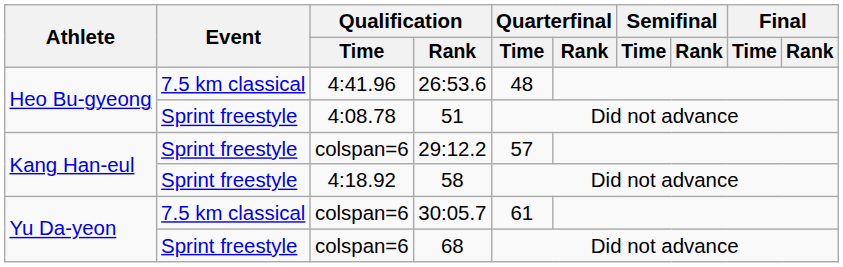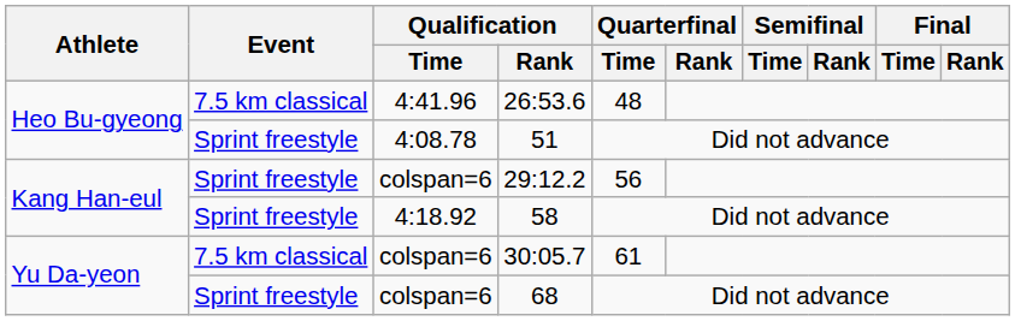 <table class="wikitable" style="font-size:90%">
 <tr>
 <th rowspan="2">Athlete</th>
 <th rowspan="2">Event</th>
 <th colspan="2">Qualification</th>
 <th colspan="2">Quarterfinal</th>
 <th colspan="2">Semifinal</th>
 <th colspan="2">Final</th>
 </tr>
 <tr style="font-size:95%">
 <th>Time</th>
 <th>Rank</th>
 <th>Time</th>
 <th>Rank</th>
 <th>Time</th>
 <th>Rank</th>
 <th>Time</th>
 <th>Rank</th>
 </tr>
 <tr align=center>
 <td align=left rowspan=2><a href='#'>Heo Bu-gyeong</a></td>
 <td align=left><a href='#'>7.5 km classical</a></td>
 <td>4:41.96</td>
 <td>26:53.6</td>
 <td>48</td>
 </tr>
 <tr align=center>
 <td align=left><a href='#'>Sprint freestyle</a></td>
 <td>4:08.78</td>
 <td>51</td>
 <td colspan=6>Did not advance</td>
 </tr>
 <tr align=center>
 <td align=left rowspan=2><a href='#'>Kang Han-eul</a></td>
 <td align=left><a href='#'>Sprint freestyle</a></td>
 <td>colspan=6</td>
 <td>29:12.2</td>
-<td>57</td>
+<td>56</td>
 </tr>
 <tr align=center>
 <td align=left><a href='#'>Sprint freestyle</a></td>
 <td>4:18.92</td>
 <td>58</td>
 <td colspan=6>Did not advance</td>
 </tr>
 <tr align=center>
 <td align=left rowspan=2><a href='#'>Yu Da-yeon</a></td>
 <td align=left><a href='#'>7.5 km classical</a></td>
 <td>colspan=6</td>
 <td>30:05.7</td>
 <td>61</td>
 </tr>
 <tr align=center>
 <td align=left><a href='#'>Sprint freestyle</a></td>
 <td>colspan=6</td>
 <td>68</td>
 <td colspan=6>Did not advance</td>
 </tr>
 </table>
